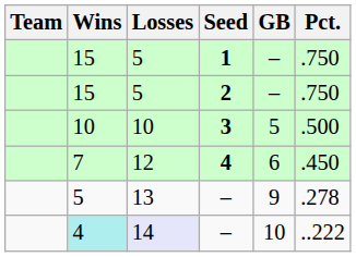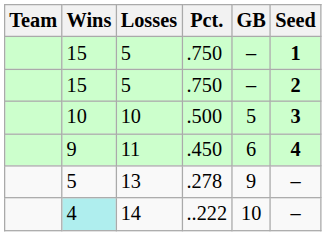 <table class="wikitable">
 <tr>
 <th>Team</th>
 <th>Wins</th>
 <th>Losses</th>
+<th>Pct.</th>
+<th>GB</th>
 <th>Seed</th>
-<th>GB</th>
-<th>Pct.</th>
 </tr>
 <tr bgcolor="#ccffcc">
 <td></td>
 <td>15</td>
 <td>5</td>
+<td>.750</td>
+<td style="text-align:center;">–</td>
 <td style="text-align:center;"><strong>1</strong></td>
-<td style="text-align:center;">–</td>
-<td>.750</td>
 </tr>
 <tr bgcolor="#ccffcc">
 <td></td>
 <td>15</td>
 <td>5</td>
+<td>.750</td>
+<td style="text-align:center;">–</td>
 <td style="text-align:center;"><strong>2</strong></td>
-<td style="text-align:center;">–</td>
-<td>.750</td>
 </tr>
 <tr bgcolor="#ccffcc">
 <td></td>
 <td>10</td>
 <td>10</td>
+<td>.500</td>
+<td style="text-align:center;">5</td>
 <td style="text-align:center;"><strong>3</strong></td>
-<td style="text-align:center;">5</td>
-<td>.500</td>
 </tr>
 <tr bgcolor="#ccffcc">
 <td></td>
-<td>7</td>
-<td>12</td>
+<td>9</td>
+<td>11</td>
+<td>.450</td>
+<td style="text-align:center;">6</td>
 <td style="text-align:center;"><strong>4</strong></td>
-<td style="text-align:center;">6</td>
-<td>.450</td>
 </tr>
 <tr>
 <td></td>
 <td>5</td>
 <td>13</td>
+<td>.278</td>
+<td style="text-align:center;">9</td>
 <td style="text-align:center;">–</td>
-<td style="text-align:center;">9</td>
-<td>.278</td>
 </tr>
 <tr>
 <td></td>
 <td style="background: paleturquoise;">4</td>
-<td style="background: lavender;">14</td>
+<td>14</td>
+<td>..222</td>
+<td style="text-align:center;">10</td>
 <td style="text-align:center;">–</td>
-<td style="text-align:center;">10</td>
-<td>..222</td>
 </tr>
 </table>
